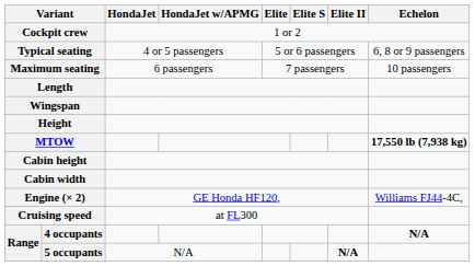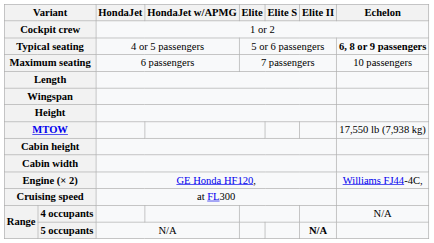 <table class="wikitable sortable sticky-header" style="text-align: center;background:#f8f9faff;">
 <tr>
 <th colspan="2">Variant</th>
 <th>HondaJet</th>
 <th>HondaJet w/APMG</th>
 <th>Elite</th>
 <th>Elite S</th>
 <th>Elite II</th>
 <th>Echelon</th>
 </tr>
 <tr>
 <th colspan="2">Cockpit crew</th>
 <td colspan="6">1 or 2</td>
 </tr>
 <tr>
 <th colspan="2">Typical seating</th>
 <td colspan="2">4 or 5 passengers</td>
 <td colspan="3">5 or 6 passengers</td>
-<td>6, 8 or 9 passengers</td>
+<td><strong>6, 8 or 9 passengers</strong></td>
 </tr>
 <tr>
 <th colspan="2">Maximum seating</th>
 <td colspan="2">6 passengers</td>
 <td colspan="3">7 passengers</td>
 <td>10 passengers</td>
 </tr>
 <tr>
 <th colspan="2">Length</th>
 <td colspan="5"></td>
 <td></td>
 </tr>
 <tr>
 <th colspan="2">Wingspan</th>
 <td colspan="5"></td>
 <td></td>
 </tr>
 <tr>
 <th colspan="2">Height</th>
 <td colspan="5"></td>
 <td></td>
 </tr>
 <tr>
 <th colspan="2"><a href='#'>MTOW</a></th>
 <td></td>
 <td colspan="2"></td>
 <td></td>
 <td></td>
-<td><strong>17,550 lb (7,938 kg)</strong></td>
+<td>17,550 lb (7,938 kg)</td>
 </tr>
 <tr>
 <th colspan="2">Cabin height</th>
 <td colspan="5"></td>
 <td></td>
 </tr>
 <tr>
 <th colspan="2">Cabin width</th>
 <td colspan="5"></td>
 <td></td>
 </tr>
 <tr>
 <th colspan="2">Engine (× 2)</th>
 <td colspan="5"><a href='#'>GE Honda HF120</a>, </td>
 <td><a href='#'>Williams FJ44</a>-4C, </td>
 </tr>
 <tr>
 <th colspan="2">Cruising speed</th>
 <td colspan="5"> at <a href='#'>FL</a>300</td>
 <td></td>
 </tr>
 <tr>
 <th rowspan="2">Range</th>
 <th>4 occupants</th>
 <td></td>
 <td></td>
 <td colspan="2"></td>
 <td></td>
-<td><strong>N/A</strong></td>
+<td>N/A</td>
 </tr>
 <tr>
 <th>5 occupants</th>
 <td colspan="2">N/A</td>
 <td></td>
 <td></td>
 <td><strong>N/A</strong></td>
 <td></td>
 </tr>
 </table>
